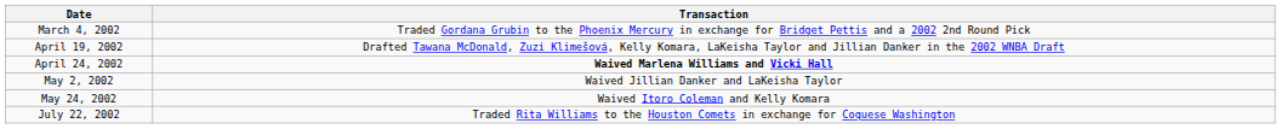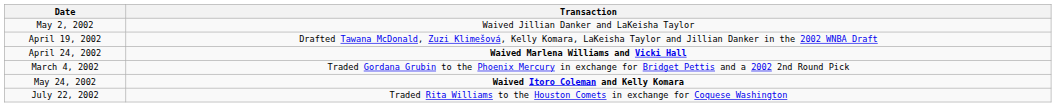 <table class="wikitable" style="width:80%; text-align: center;">
 <tr>
 <th>Date</th>
 <th>Transaction</th>
 </tr>
 <tr>
-<td>March 4, 2002</td>
-<td>Traded <a href='#'>Gordana Grubin</a> to the <a href='#'>Phoenix Mercury</a> in exchange for <a href='#'>Bridget Pettis</a> and a <a href='#'>2002</a> 2nd Round Pick</td>
+<td>May 2, 2002</td>
+<td>Waived Jillian Danker and LaKeisha Taylor</td>
 </tr>
 <tr>
 <td>April 19, 2002</td>
 <td>Drafted <a href='#'>Tawana McDonald</a>, <a href='#'>Zuzi Klimešová</a>, Kelly Komara, LaKeisha Taylor and Jillian Danker in the <a href='#'>2002 WNBA Draft</a></td>
 </tr>
 <tr>
 <td>April 24, 2002</td>
 <td><strong>Waived Marlena Williams and <a href='#'>Vicki Hall</a></strong></td>
 </tr>
 <tr>
-<td>May 2, 2002</td>
-<td>Waived Jillian Danker and LaKeisha Taylor</td>
+<td>March 4, 2002</td>
+<td>Traded <a href='#'>Gordana Grubin</a> to the <a href='#'>Phoenix Mercury</a> in exchange for <a href='#'>Bridget Pettis</a> and a <a href='#'>2002</a> 2nd Round Pick</td>
 </tr>
 <tr>
 <td>May 24, 2002</td>
-<td>Waived <a href='#'>Itoro Coleman</a> and Kelly Komara</td>
+<td><strong>Waived <a href='#'>Itoro Coleman</a> and Kelly Komara</strong></td>
 </tr>
 <tr>
 <td>July 22, 2002</td>
 <td>Traded <a href='#'>Rita Williams</a> to the <a href='#'>Houston Comets</a> in exchange for <a href='#'>Coquese Washington</a></td>
 </tr>
 </table>
